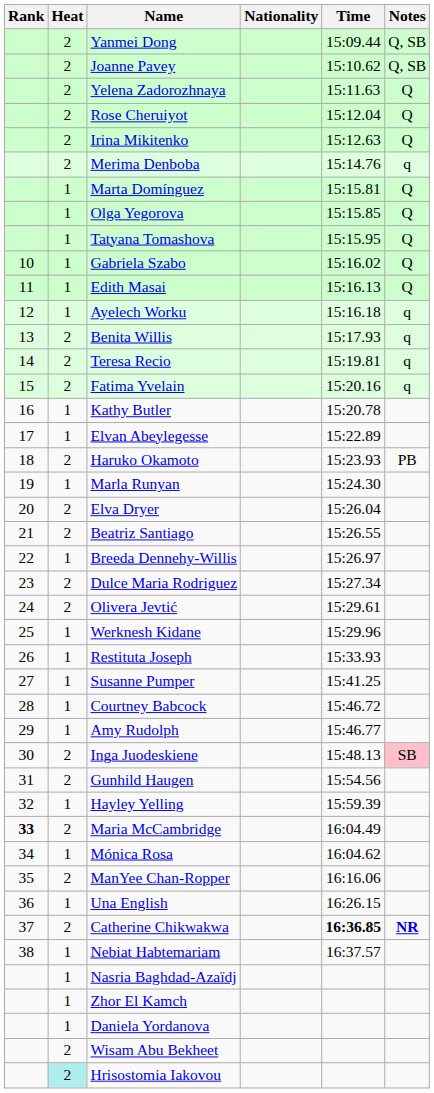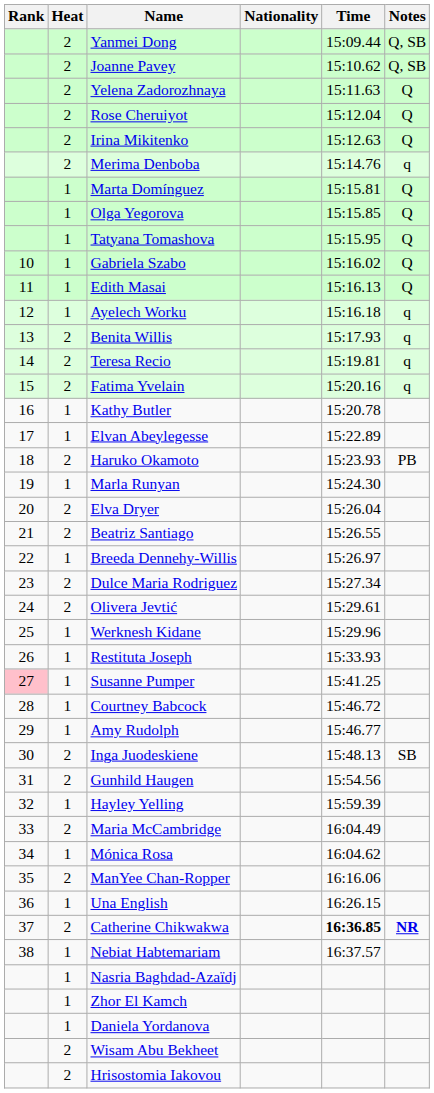 <table class="wikitable sortable" style="text-align:center">
 <tr>
 <th>Rank</th>
 <th>Heat</th>
 <th>Name</th>
 <th>Nationality</th>
 <th>Time</th>
 <th>Notes</th>
 </tr>
 <tr bgcolor=ccffcc>
 <td></td>
 <td>2</td>
 <td align=left><a href='#'>Yanmei Dong</a></td>
 <td align=left></td>
 <td>15:09.44</td>
 <td>Q, SB</td>
 </tr>
 <tr bgcolor=ccffcc>
 <td></td>
 <td>2</td>
 <td align=left><a href='#'>Joanne Pavey</a></td>
 <td align=left></td>
 <td>15:10.62</td>
 <td>Q, SB</td>
 </tr>
 <tr bgcolor=ccffcc>
 <td></td>
 <td>2</td>
 <td align=left><a href='#'>Yelena Zadorozhnaya</a></td>
 <td align=left></td>
 <td>15:11.63</td>
 <td>Q</td>
 </tr>
 <tr bgcolor=ccffcc>
 <td></td>
 <td>2</td>
 <td align=left><a href='#'>Rose Cheruiyot</a></td>
 <td align=left></td>
 <td>15:12.04</td>
 <td>Q</td>
 </tr>
 <tr bgcolor=ccffcc>
 <td></td>
 <td>2</td>
 <td align=left><a href='#'>Irina Mikitenko</a></td>
 <td align=left></td>
 <td>15:12.63</td>
 <td>Q</td>
 </tr>
 <tr bgcolor=ddffdd>
 <td></td>
 <td>2</td>
 <td align=left><a href='#'>Merima Denboba</a></td>
 <td align=left></td>
 <td>15:14.76</td>
 <td>q</td>
 </tr>
 <tr bgcolor=ccffcc>
 <td></td>
 <td>1</td>
 <td align=left><a href='#'>Marta Domínguez</a></td>
 <td align=left></td>
 <td>15:15.81</td>
 <td>Q</td>
 </tr>
 <tr bgcolor=ccffcc>
 <td></td>
 <td>1</td>
 <td align=left><a href='#'>Olga Yegorova</a></td>
 <td align=left></td>
 <td>15:15.85</td>
 <td>Q</td>
 </tr>
 <tr bgcolor=ccffcc>
 <td></td>
 <td>1</td>
 <td align=left><a href='#'>Tatyana Tomashova</a></td>
 <td align=left></td>
 <td>15:15.95</td>
 <td>Q</td>
 </tr>
 <tr bgcolor=ccffcc>
 <td>10</td>
 <td>1</td>
 <td align=left><a href='#'>Gabriela Szabo</a></td>
 <td align=left></td>
 <td>15:16.02</td>
 <td>Q</td>
 </tr>
 <tr bgcolor=ccffcc>
 <td>11</td>
 <td>1</td>
 <td align=left><a href='#'>Edith Masai</a></td>
 <td align=left></td>
 <td>15:16.13</td>
 <td>Q</td>
 </tr>
 <tr bgcolor=ddffdd>
 <td>12</td>
 <td>1</td>
 <td align=left><a href='#'>Ayelech Worku</a></td>
 <td align=left></td>
 <td>15:16.18</td>
 <td>q</td>
 </tr>
 <tr bgcolor=ddffdd>
 <td>13</td>
 <td>2</td>
 <td align=left><a href='#'>Benita Willis</a></td>
 <td align=left></td>
 <td>15:17.93</td>
 <td>q</td>
 </tr>
 <tr bgcolor=ddffdd>
 <td>14</td>
 <td>2</td>
 <td align=left><a href='#'>Teresa Recio</a></td>
 <td align=left></td>
 <td>15:19.81</td>
 <td>q</td>
 </tr>
 <tr bgcolor=ddffdd>
 <td>15</td>
 <td>2</td>
 <td align=left><a href='#'>Fatima Yvelain</a></td>
 <td align=left></td>
 <td>15:20.16</td>
 <td>q</td>
 </tr>
 <tr>
 <td>16</td>
 <td>1</td>
 <td align=left><a href='#'>Kathy Butler</a></td>
 <td align=left></td>
 <td>15:20.78</td>
 <td></td>
 </tr>
 <tr>
 <td>17</td>
 <td>1</td>
 <td align=left><a href='#'>Elvan Abeylegesse</a></td>
 <td align=left></td>
 <td>15:22.89</td>
 <td></td>
 </tr>
 <tr>
 <td>18</td>
 <td>2</td>
 <td align=left><a href='#'>Haruko Okamoto</a></td>
 <td align=left></td>
 <td>15:23.93</td>
 <td>PB</td>
 </tr>
 <tr>
 <td>19</td>
 <td>1</td>
 <td align=left><a href='#'>Marla Runyan</a></td>
 <td align=left></td>
 <td>15:24.30</td>
 <td></td>
 </tr>
 <tr>
 <td>20</td>
 <td>2</td>
 <td align=left><a href='#'>Elva Dryer</a></td>
 <td align=left></td>
 <td>15:26.04</td>
 <td></td>
 </tr>
 <tr>
 <td>21</td>
 <td>2</td>
 <td align=left><a href='#'>Beatriz Santiago</a></td>
 <td align=left></td>
 <td>15:26.55</td>
 <td></td>
 </tr>
 <tr>
 <td>22</td>
 <td>1</td>
 <td align=left><a href='#'>Breeda Dennehy-Willis</a></td>
 <td align=left></td>
 <td>15:26.97</td>
 <td></td>
 </tr>
 <tr>
 <td>23</td>
 <td>2</td>
 <td align=left><a href='#'>Dulce Maria Rodriguez</a></td>
 <td align=left></td>
 <td>15:27.34</td>
 <td></td>
 </tr>
 <tr>
 <td>24</td>
 <td>2</td>
 <td align=left><a href='#'>Olivera Jevtić</a></td>
 <td align=left></td>
 <td>15:29.61</td>
 <td></td>
 </tr>
 <tr>
 <td>25</td>
 <td>1</td>
 <td align=left><a href='#'>Werknesh Kidane</a></td>
 <td align=left></td>
 <td>15:29.96</td>
 <td></td>
 </tr>
 <tr>
 <td>26</td>
 <td>1</td>
 <td align=left><a href='#'>Restituta Joseph</a></td>
 <td align=left></td>
 <td>15:33.93</td>
 <td></td>
 </tr>
 <tr>
-<td>27</td>
+<td style="background: pink;">27</td>
 <td>1</td>
 <td align=left><a href='#'>Susanne Pumper</a></td>
 <td align=left></td>
 <td>15:41.25</td>
 <td></td>
 </tr>
 <tr>
 <td>28</td>
 <td>1</td>
 <td align=left><a href='#'>Courtney Babcock</a></td>
 <td align=left></td>
 <td>15:46.72</td>
 <td></td>
 </tr>
 <tr>
 <td>29</td>
 <td>1</td>
 <td align=left><a href='#'>Amy Rudolph</a></td>
 <td align=left></td>
 <td>15:46.77</td>
 <td></td>
 </tr>
 <tr>
 <td>30</td>
 <td>2</td>
 <td align=left><a href='#'>Inga Juodeskiene</a></td>
 <td align=left></td>
 <td>15:48.13</td>
-<td style="background: pink;">SB</td>
+<td>SB</td>
 </tr>
 <tr>
 <td>31</td>
 <td>2</td>
 <td align=left><a href='#'>Gunhild Haugen</a></td>
 <td align=left></td>
 <td>15:54.56</td>
 <td></td>
 </tr>
 <tr>
 <td>32</td>
 <td>1</td>
 <td align=left><a href='#'>Hayley Yelling</a></td>
 <td align=left></td>
 <td>15:59.39</td>
 <td></td>
 </tr>
 <tr>
-<td><strong>33</strong></td>
+<td>33</td>
 <td>2</td>
 <td align=left><a href='#'>Maria McCambridge</a></td>
 <td align=left></td>
 <td>16:04.49</td>
 <td></td>
 </tr>
 <tr>
 <td>34</td>
 <td>1</td>
 <td align=left><a href='#'>Mónica Rosa</a></td>
 <td align=left></td>
 <td>16:04.62</td>
 <td></td>
 </tr>
 <tr>
 <td>35</td>
 <td>2</td>
 <td align=left><a href='#'>ManYee Chan-Ropper</a></td>
 <td align=left></td>
 <td>16:16.06</td>
 <td></td>
 </tr>
 <tr>
 <td>36</td>
 <td>1</td>
 <td align=left><a href='#'>Una English</a></td>
 <td align=left></td>
 <td>16:26.15</td>
 <td></td>
 </tr>
 <tr>
 <td>37</td>
 <td>2</td>
 <td align=left><a href='#'>Catherine Chikwakwa</a></td>
 <td align=left></td>
 <td><strong>16:36.85</strong></td>
 <td><strong><a href='#'>NR</a></strong></td>
 </tr>
 <tr>
 <td>38</td>
 <td>1</td>
 <td align=left><a href='#'>Nebiat Habtemariam</a></td>
 <td align=left></td>
 <td>16:37.57</td>
 <td></td>
 </tr>
 <tr>
 <td></td>
 <td>1</td>
 <td align=left><a href='#'>Nasria Baghdad-Azaïdj</a></td>
 <td align=left></td>
 <td></td>
 <td></td>
 </tr>
 <tr>
 <td></td>
 <td>1</td>
 <td align=left><a href='#'>Zhor El Kamch</a></td>
 <td align=left></td>
 <td></td>
 <td></td>
 </tr>
 <tr>
 <td></td>
 <td>1</td>
 <td align=left><a href='#'>Daniela Yordanova</a></td>
 <td align=left></td>
 <td></td>
 <td></td>
 </tr>
 <tr>
 <td></td>
 <td>2</td>
 <td align=left><a href='#'>Wisam Abu Bekheet</a></td>
 <td align=left></td>
 <td></td>
 <td></td>
 </tr>
 <tr>
 <td></td>
-<td style="background: paleturquoise;">2</td>
+<td>2</td>
 <td align=left><a href='#'>Hrisostomia Iakovou</a></td>
 <td align=left></td>
 <td></td>
 <td></td>
 </tr>
 </table>
